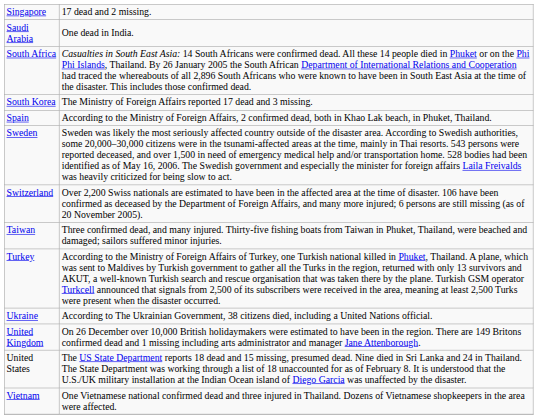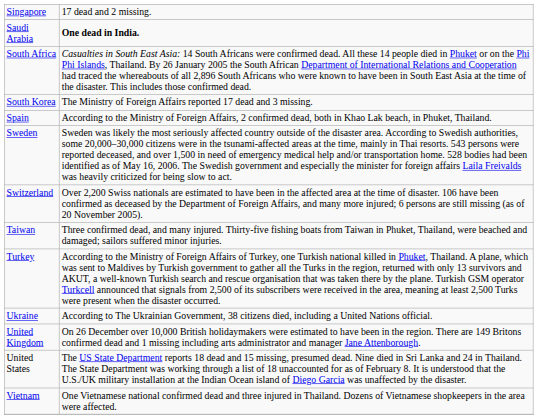 <table class="wikitable">
 <tr>
 <td class=nowrap style=vertical-align:top><a href='#'>Singapore</a></td>
 <td>17 dead and 2 missing.</td>
 </tr>
 <tr>
 <td class=nowrap style=vertical-align:top><a href='#'>Saudi Arabia</a></td>
-<td>One dead in India.</td>
+<td><strong>One dead in India.</strong></td>
 </tr>
 <tr>
 <td class=nowrap style=vertical-align:top><a href='#'>South Africa</a></td>
 <td><em>Casualties in South East Asia:</em> 14 South Africans were confirmed dead. All these 14 people died in <a href='#'>Phuket</a> or on the <a href='#'>Phi Phi Islands</a>, Thailand. By 26 January 2005 the South African <a href='#'>Department of International Relations and Cooperation</a> had traced the whereabouts of all 2,896 South Africans who were known to have been in South East Asia at the time of the disaster. This includes those confirmed dead.</td>
 </tr>
 <tr>
 <td class=nowrap style=vertical-align:top><a href='#'>South Korea</a></td>
 <td>The Ministry of Foreign Affairs reported 17 dead and 3 missing.</td>
 </tr>
 <tr>
 <td class=nowrap style=vertical-align:top><a href='#'>Spain</a></td>
 <td>According to the Ministry of Foreign Affairs, 2 confirmed dead, both in Khao Lak beach, in Phuket, Thailand.</td>
 </tr>
 <tr>
 <td class=nowrap style=vertical-align:top><a href='#'>Sweden</a></td>
 <td>Sweden was likely the most seriously affected country outside of the disaster area. According to Swedish authorities, some 20,000–30,000 citizens were in the tsunami-affected areas at the time, mainly in Thai resorts. 543 persons were reported deceased, and over 1,500 in need of emergency medical help and/or transportation home. 528 bodies had been identified as of May 16, 2006. The Swedish government and especially the minister for foreign affairs <a href='#'>Laila Freivalds</a> was heavily criticized for being slow to act.</td>
 </tr>
 <tr>
 <td class=nowrap style=vertical-align:top><a href='#'>Switzerland</a></td>
 <td>Over 2,200 Swiss nationals are estimated to have been in the affected area at the time of disaster. 106 have been confirmed as deceased by the Department of Foreign Affairs, and many more injured; 6 persons are still missing (as of 20 November 2005).</td>
 </tr>
 <tr>
 <td class=nowrap style=vertical-align:top><a href='#'>Taiwan</a></td>
 <td>Three confirmed dead, and many injured. Thirty-five fishing boats from Taiwan in Phuket, Thailand, were beached and damaged; sailors suffered minor injuries.</td>
 </tr>
 <tr>
 <td class=nowrap style=vertical-align:top><a href='#'>Turkey</a></td>
 <td>According to the Ministry of Foreign Affairs of Turkey, one Turkish national killed in <a href='#'>Phuket</a>, Thailand. A plane, which was sent to Maldives by Turkish government to gather all the Turks in the region, returned with only 13 survivors and AKUT, a well-known Turkish search and rescue organisation that was taken there by the plane. Turkish GSM operator <a href='#'>Turkcell</a> announced that signals from 2,500 of its subscribers were received in the area, meaning at least 2,500 Turks were present when the disaster occurred.</td>
 </tr>
 <tr>
 <td class=nowrap style=vertical-align:top><a href='#'>Ukraine</a></td>
 <td>According to The Ukrainian Government, 38 citizens died, including a United Nations official.</td>
 </tr>
 <tr>
 <td class=nowrap style=vertical-align:top><a href='#'>United Kingdom</a></td>
 <td>On 26 December over 10,000 British holidaymakers were estimated to have been in the region. There are 149 Britons confirmed dead and 1 missing including arts administrator and manager <a href='#'>Jane Attenborough</a>.</td>
 </tr>
 <tr>
 <td class=nowrap style=vertical-align:top>United States</td>
 <td>The <a href='#'>US State Department</a> reports 18 dead and 15 missing, presumed dead. Nine died in Sri Lanka and 24 in Thailand. The State Department was working through a list of 18 unaccounted for as of February 8. It is understood that the U.S./UK military installation at the Indian Ocean island of <a href='#'>Diego Garcia</a> was unaffected by the disaster.</td>
 </tr>
 <tr>
 <td class=nowrap style=vertical-align:top><a href='#'>Vietnam</a></td>
 <td>One Vietnamese national confirmed dead and three injured in Thailand. Dozens of Vietnamese shopkeepers in the area were affected.</td>
 </tr>
 <tr>
 </tr>
 </table>
